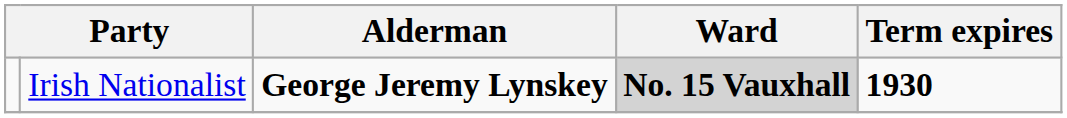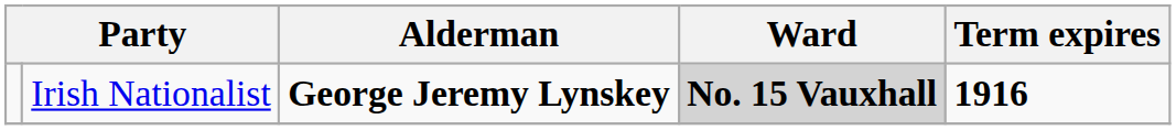 <table class="wikitable">
 <tr>
 <th colspan="2">Party</th>
 <th>Alderman</th>
 <th>Ward</th>
 <th>Term expires</th>
 </tr>
 <tr>
 <td style="background-color:"></td>
 <td><a href='#'>Irish Nationalist</a></td>
 <td><strong>George Jeremy Lynskey</strong></td>
 <td style="background: lightgrey;"><strong>No. 15 Vauxhall</strong></td>
-<td><strong>1930</strong></td>
+<td><strong>1916</strong></td>
 </tr>
 <tr>
 </tr>
 </table>
